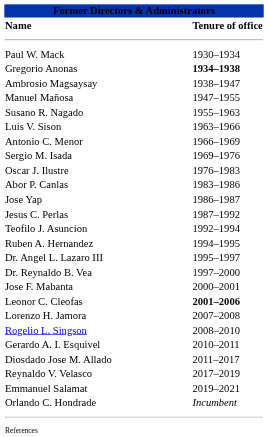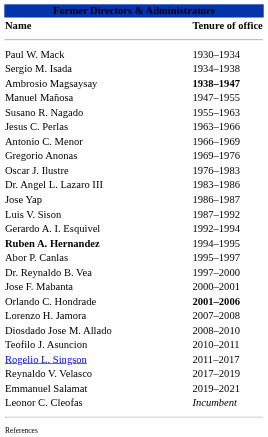 <table class="toccolours" style=floatleft; margin-left:1em; font-size:90%; line-height:1.6em; width:300px;">
 <tr>
 <th colspan="2" style="text-align: center;background-color:#0434ac"><span>Former Directors & Administrators</span></th>
 </tr>
 <tr>
 <td scope="col" width="280"><strong>Name</strong></td>
 <td><strong>Tenure of office</strong></td>
 </tr>
 <tr>
 <td colspan="2"><hr></td>
 </tr>
 <tr>
 <td>Paul W. Mack</td>
 <td>1930–1934</td>
 </tr>
 <tr>
-<td>Gregorio Anonas</td>
-<td><strong>1934–1938</strong></td>
+<td>Sergio M. Isada</td>
+<td>1934–1938</td>
 </tr>
 <tr>
 <td>Ambrosio Magsaysay</td>
-<td>1938–1947</td>
+<td><strong>1938–1947</strong></td>
 </tr>
 <tr>
 <td>Manuel Mañosa</td>
 <td>1947–1955</td>
 </tr>
 <tr>
 <td>Susano R. Nagado</td>
 <td>1955–1963</td>
 </tr>
 <tr>
-<td>Luis V. Sison</td>
+<td>Jesus C. Perlas</td>
 <td>1963–1966</td>
 </tr>
 <tr>
 <td>Antonio C. Menor</td>
 <td>1966–1969</td>
 </tr>
 <tr>
-<td>Sergio M. Isada</td>
+<td>Gregorio Anonas</td>
 <td>1969–1976</td>
 </tr>
 <tr>
 <td>Oscar J. Ilustre</td>
 <td>1976–1983</td>
 </tr>
 <tr>
-<td>Abor P. Canlas</td>
+<td>Dr. Angel L. Lazaro III</td>
 <td>1983–1986</td>
 </tr>
 <tr>
 <td>Jose Yap</td>
 <td>1986–1987</td>
 </tr>
 <tr>
-<td>Jesus C. Perlas</td>
+<td>Luis V. Sison</td>
 <td>1987–1992</td>
 </tr>
 <tr>
-<td>Teofilo J. Asuncion</td>
+<td>Gerardo A. I. Esquivel</td>
 <td>1992–1994</td>
 </tr>
 <tr>
-<td>Ruben A. Hernandez</td>
+<td><strong>Ruben A. Hernandez</strong></td>
 <td>1994–1995</td>
 </tr>
 <tr>
-<td>Dr. Angel L. Lazaro III</td>
+<td>Abor P. Canlas</td>
 <td>1995–1997</td>
 </tr>
 <tr>
 <td>Dr. Reynaldo B. Vea</td>
 <td>1997–2000</td>
 </tr>
 <tr>
 <td>Jose F. Mabanta</td>
 <td>2000–2001</td>
 </tr>
 <tr>
-<td>Leonor C. Cleofas</td>
+<td>Orlando C. Hondrade</td>
 <td><strong>2001–2006</strong></td>
 </tr>
 <tr>
 <td>Lorenzo H. Jamora</td>
 <td>2007–2008</td>
 </tr>
 <tr>
-<td><a href='#'>Rogelio L. Singson</a></td>
+<td>Diosdado Jose M. Allado</td>
 <td>2008–2010</td>
 </tr>
 <tr>
-<td>Gerardo A. I. Esquivel</td>
+<td>Teofilo J. Asuncion</td>
 <td>2010–2011</td>
 </tr>
 <tr>
-<td>Diosdado Jose M. Allado</td>
+<td><a href='#'>Rogelio L. Singson</a></td>
 <td>2011–2017</td>
 </tr>
 <tr>
 <td>Reynaldo V. Velasco</td>
 <td>2017–2019</td>
 </tr>
 <tr>
 <td>Emmanuel Salamat</td>
 <td>2019–2021</td>
 </tr>
 <tr>
-<td>Orlando C. Hondrade</td>
+<td>Leonor C. Cleofas</td>
 <td><em>Incumbent</em></td>
 </tr>
 <tr>
 <td colspan="2"><hr></td>
 </tr>
 <tr>
 <td style="font-size:70%">References</td>
 <td></td>
 </tr>
 </table>
